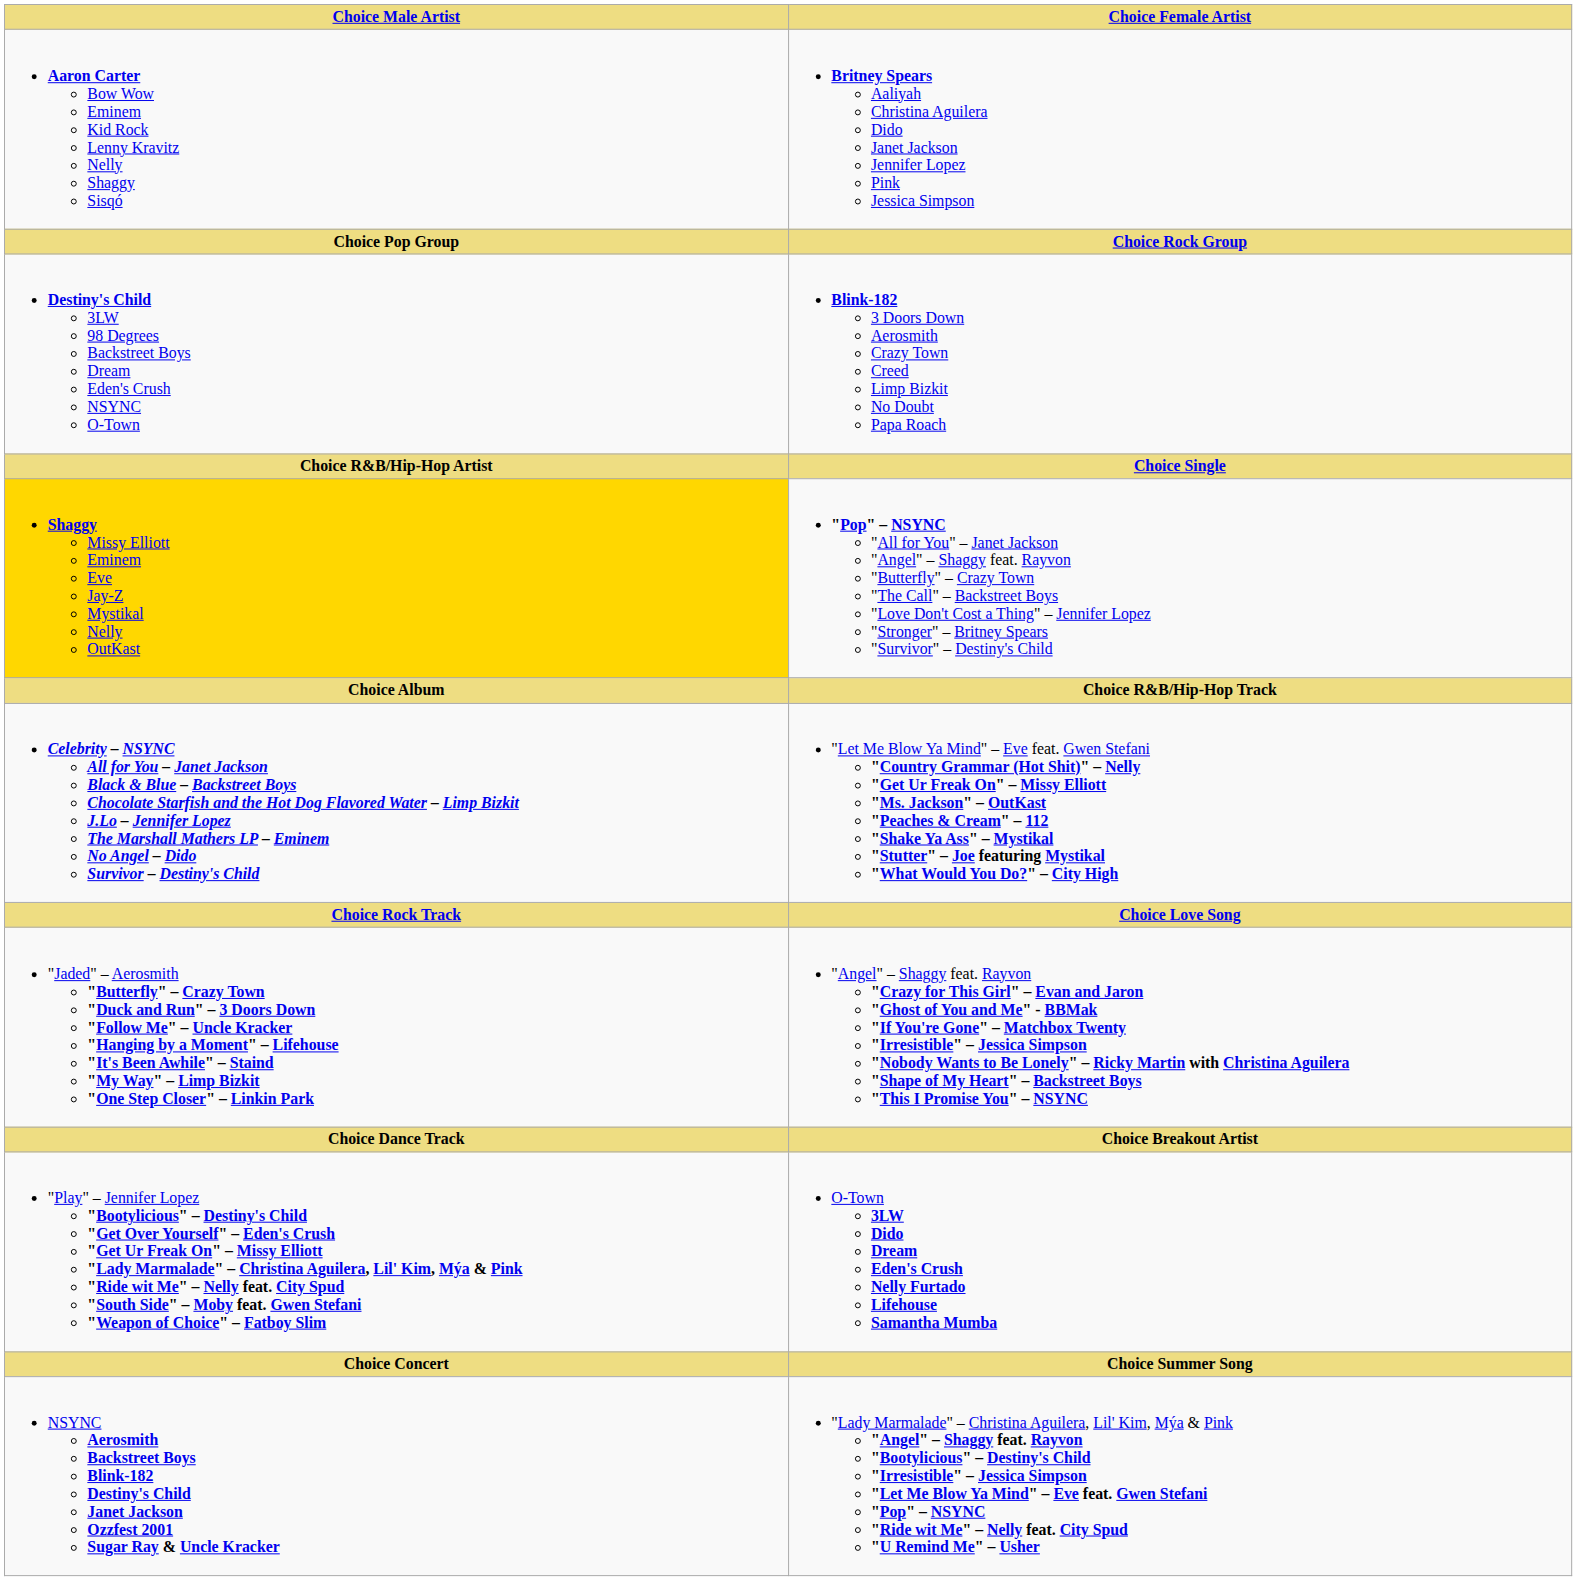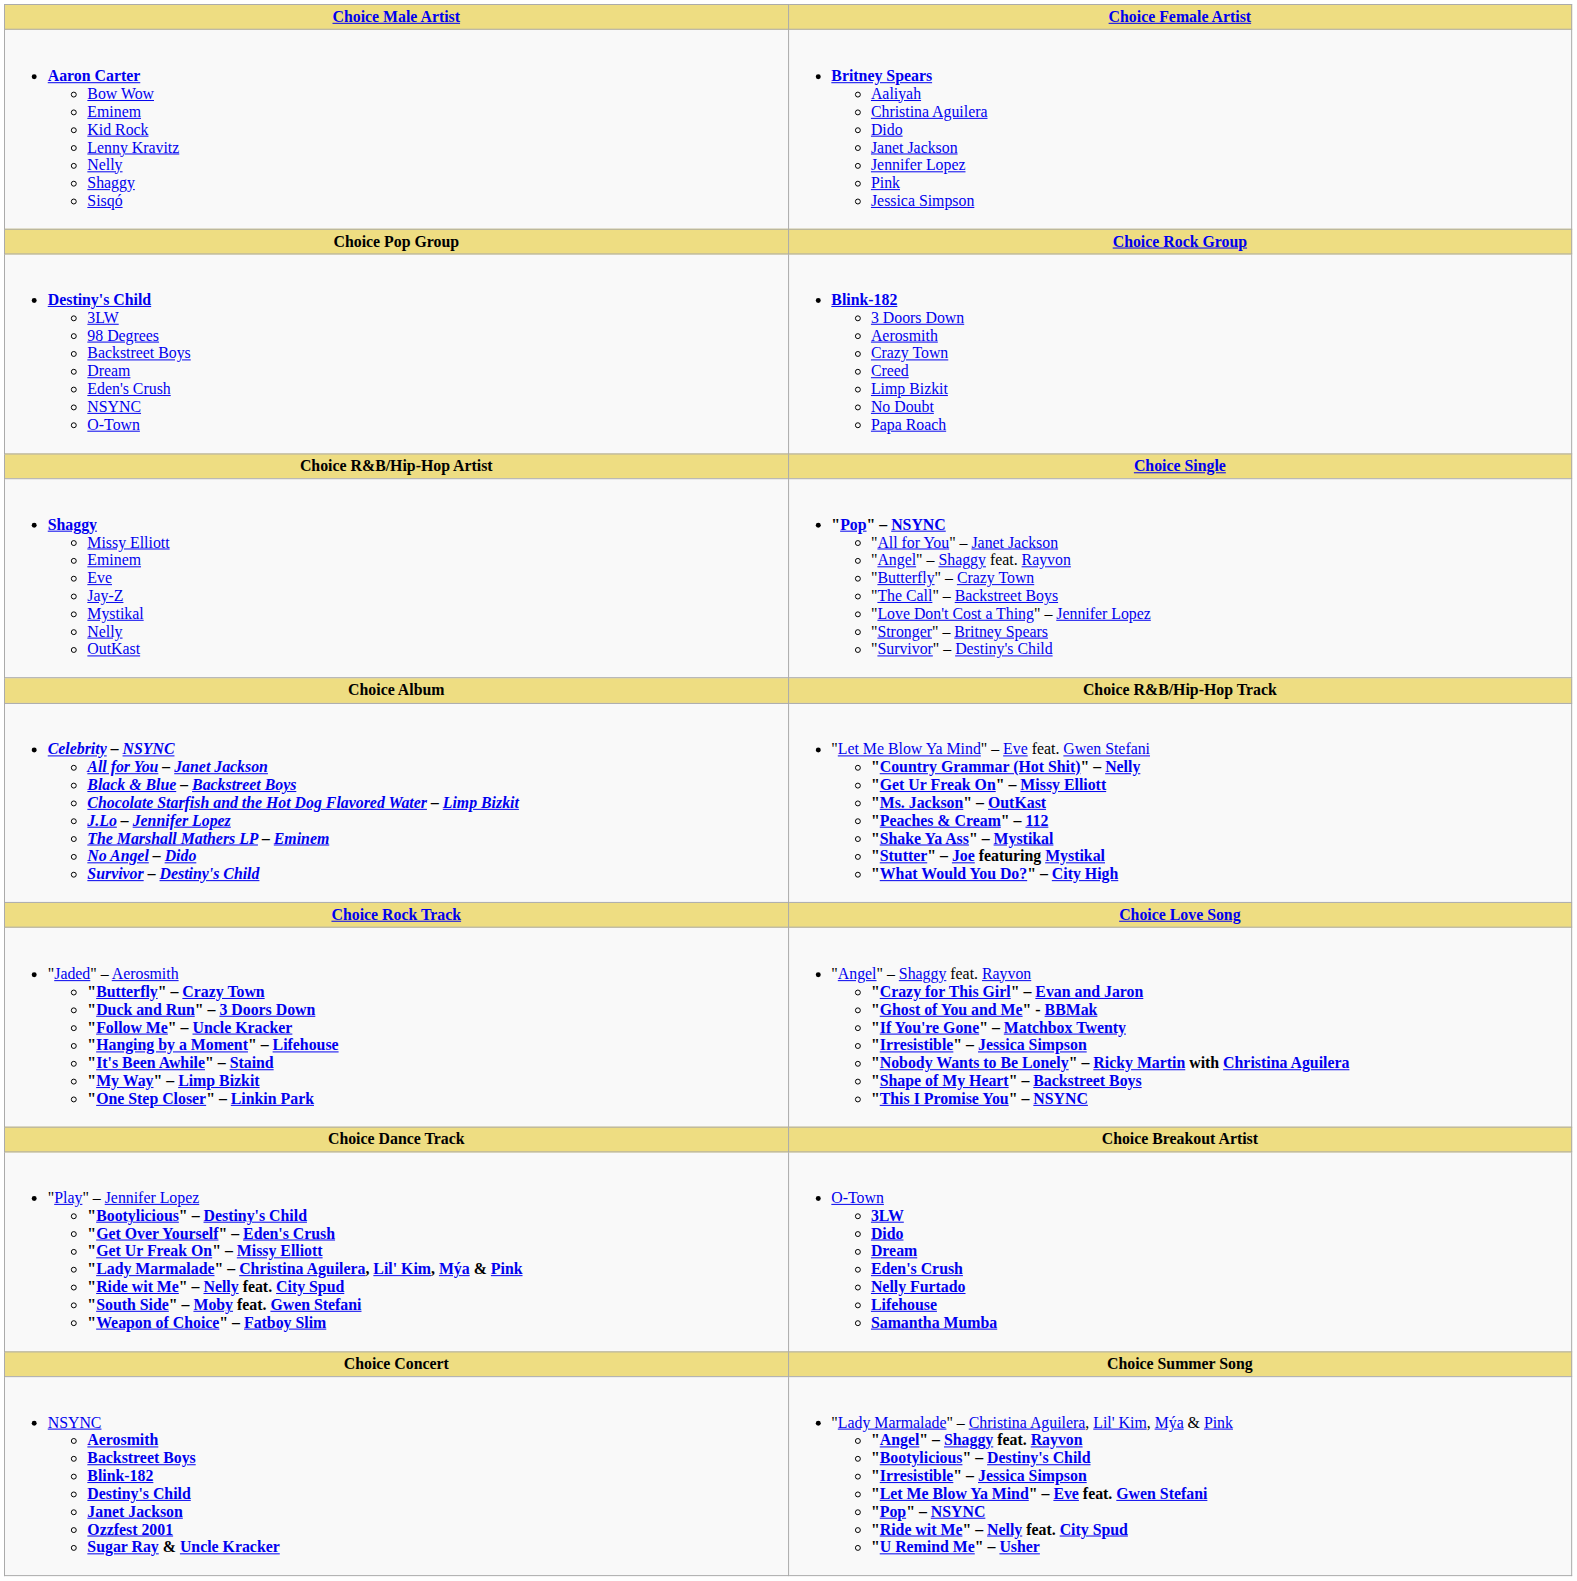 <table class="wikitable" style="width:100%">
 <tr>
 <th style="background:#EEDD82; width:50%"><a href='#'>Choice Male Artist</a></th>
 <th style="background:#EEDD82; width:50%"><a href='#'>Choice Female Artist</a></th>
 </tr>
 <tr>
 <td valign="top"><br><ul><li><strong><a href='#'>Aaron Carter</a></strong><ul><li><a href='#'>Bow Wow</a></li><li><a href='#'>Eminem</a></li><li><a href='#'>Kid Rock</a></li><li><a href='#'>Lenny Kravitz</a></li><li><a href='#'>Nelly</a></li><li><a href='#'>Shaggy</a></li><li><a href='#'>Sisqó</a></li></ul></li></ul></td>
 <td valign="top"><br><ul><li><strong><a href='#'>Britney Spears</a></strong><ul><li><a href='#'>Aaliyah</a></li><li><a href='#'>Christina Aguilera</a></li><li><a href='#'>Dido</a></li><li><a href='#'>Janet Jackson</a></li><li><a href='#'>Jennifer Lopez</a></li><li><a href='#'>Pink</a></li><li><a href='#'>Jessica Simpson</a></li></ul></li></ul></td>
 </tr>
 <tr>
 <th style="background:#EEDD82; width:50%">Choice Pop Group</th>
 <th style="background:#EEDD82; width:50%"><a href='#'>Choice Rock Group</a></th>
 </tr>
 <tr>
 <td valign="top"><br><ul><li><strong><a href='#'>Destiny's Child</a></strong><ul><li><a href='#'>3LW</a></li><li><a href='#'>98 Degrees</a></li><li><a href='#'>Backstreet Boys</a></li><li><a href='#'>Dream</a></li><li><a href='#'>Eden's Crush</a></li><li><a href='#'>NSYNC</a></li><li><a href='#'>O-Town</a></li></ul></li></ul></td>
 <td valign="top"><br><ul><li><strong><a href='#'>Blink-182</a></strong><ul><li><a href='#'>3 Doors Down</a></li><li><a href='#'>Aerosmith</a></li><li><a href='#'>Crazy Town</a></li><li><a href='#'>Creed</a></li><li><a href='#'>Limp Bizkit</a></li><li><a href='#'>No Doubt</a></li><li><a href='#'>Papa Roach</a></li></ul></li></ul></td>
 </tr>
 <tr>
 <th style="background:#EEDD82; width:50%">Choice R&B/Hip-Hop Artist</th>
 <th style="background:#EEDD82; width:50%"><a href='#'>Choice Single</a></th>
 </tr>
 <tr>
-<td valign="top" style="background: gold;"><br><ul><li><strong><a href='#'>Shaggy</a></strong><ul><li><a href='#'>Missy Elliott</a></li><li><a href='#'>Eminem</a></li><li><a href='#'>Eve</a></li><li><a href='#'>Jay-Z</a></li><li><a href='#'>Mystikal</a></li><li><a href='#'>Nelly</a></li><li><a href='#'>OutKast</a></li></ul></li></ul></td>
+<td valign="top"><br><ul><li><strong><a href='#'>Shaggy</a></strong><ul><li><a href='#'>Missy Elliott</a></li><li><a href='#'>Eminem</a></li><li><a href='#'>Eve</a></li><li><a href='#'>Jay-Z</a></li><li><a href='#'>Mystikal</a></li><li><a href='#'>Nelly</a></li><li><a href='#'>OutKast</a></li></ul></li></ul></td>
 <td valign="top"><br><ul><li><strong>"<a href='#'>Pop</a>" – <a href='#'>NSYNC</a></strong><ul><li>"<a href='#'>All for You</a>" – <a href='#'>Janet Jackson</a></li><li>"<a href='#'>Angel</a>" – <a href='#'>Shaggy</a> feat. <a href='#'>Rayvon</a></li><li>"<a href='#'>Butterfly</a>" – <a href='#'>Crazy Town</a></li><li>"<a href='#'>The Call</a>" – <a href='#'>Backstreet Boys</a></li><li>"<a href='#'>Love Don't Cost a Thing</a>" – <a href='#'>Jennifer Lopez</a></li><li>"<a href='#'>Stronger</a>" – <a href='#'>Britney Spears</a></li><li>"<a href='#'>Survivor</a>" – <a href='#'>Destiny's Child</a></li></ul></li></ul></td>
 </tr>
 <tr>
 <th style="background:#EEDD82; width:50%">Choice Album</th>
 <th style="background:#EEDD82; width:50%">Choice R&B/Hip-Hop Track</th>
 </tr>
 <tr>
 <td valign="top"><br><ul><li><strong><em><a href='#'>Celebrity</a><em> – <a href='#'>NSYNC</a><strong><ul><li></em><a href='#'>All for You</a><em> – <a href='#'>Janet Jackson</a></li><li></em><a href='#'>Black & Blue</a><em> – <a href='#'>Backstreet Boys</a></li><li></em><a href='#'>Chocolate Starfish and the Hot Dog Flavored Water</a><em> – <a href='#'>Limp Bizkit</a></li><li></em><a href='#'>J.Lo</a><em> – <a href='#'>Jennifer Lopez</a></li><li></em><a href='#'>The Marshall Mathers LP</a><em> – <a href='#'>Eminem</a></li><li></em><a href='#'>No Angel</a><em> – <a href='#'>Dido</a></li><li></em><a href='#'>Survivor</a><em> – <a href='#'>Destiny's Child</a></li></ul></li></ul></td>
 <td valign="top"><br><ul><li></strong>"<a href='#'>Let Me Blow Ya Mind</a>" – <a href='#'>Eve</a> feat. <a href='#'>Gwen Stefani</a><strong><ul><li>"<a href='#'>Country Grammar (Hot Shit)</a>" – <a href='#'>Nelly</a></li><li>"<a href='#'>Get Ur Freak On</a>" – <a href='#'>Missy Elliott</a></li><li>"<a href='#'>Ms. Jackson</a>" – <a href='#'>OutKast</a></li><li>"<a href='#'>Peaches & Cream</a>" – <a href='#'>112</a></li><li>"<a href='#'>Shake Ya Ass</a>" – <a href='#'>Mystikal</a></li><li>"<a href='#'>Stutter</a>" – <a href='#'>Joe</a> featuring <a href='#'>Mystikal</a></li><li>"<a href='#'>What Would You Do?</a>" – <a href='#'>City High</a></li></ul></li></ul></td>
 </tr>
 <tr>
 <th style="background:#EEDD82; width:50%"><a href='#'>Choice Rock Track</a></th>
 <th style="background:#EEDD82; width:50%"><a href='#'>Choice Love Song</a></th>
 </tr>
 <tr>
 <td valign="top"><br><ul><li></strong>"<a href='#'>Jaded</a>" – <a href='#'>Aerosmith</a><strong><ul><li>"<a href='#'>Butterfly</a>" – <a href='#'>Crazy Town</a></li><li>"<a href='#'>Duck and Run</a>" – <a href='#'>3 Doors Down</a></li><li>"<a href='#'>Follow Me</a>" – <a href='#'>Uncle Kracker</a></li><li>"<a href='#'>Hanging by a Moment</a>" – <a href='#'>Lifehouse</a></li><li>"<a href='#'>It's Been Awhile</a>" – <a href='#'>Staind</a></li><li>"<a href='#'>My Way</a>" – <a href='#'>Limp Bizkit</a></li><li>"<a href='#'>One Step Closer</a>" – <a href='#'>Linkin Park</a></li></ul></li></ul></td>
 <td valign="top"><br><ul><li></strong>"<a href='#'>Angel</a>" – <a href='#'>Shaggy</a> feat. <a href='#'>Rayvon</a><strong><ul><li>"<a href='#'>Crazy for This Girl</a>" – <a href='#'>Evan and Jaron</a></li><li>"<a href='#'>Ghost of You and Me</a>" - <a href='#'>BBMak</a></li><li>"<a href='#'>If You're Gone</a>" – <a href='#'>Matchbox Twenty</a></li><li>"<a href='#'>Irresistible</a>" – <a href='#'>Jessica Simpson</a></li><li>"<a href='#'>Nobody Wants to Be Lonely</a>" – <a href='#'>Ricky Martin</a> with <a href='#'>Christina Aguilera</a></li><li>"<a href='#'>Shape of My Heart</a>" – <a href='#'>Backstreet Boys</a></li><li>"<a href='#'>This I Promise You</a>" – <a href='#'>NSYNC</a></li></ul></li></ul></td>
 </tr>
 <tr>
 <th style="background:#EEDD82; width:50%">Choice Dance Track</th>
 <th style="background:#EEDD82; width:50%">Choice Breakout Artist</th>
 </tr>
 <tr>
 <td valign="top"><br><ul><li></strong>"<a href='#'>Play</a>" – <a href='#'>Jennifer Lopez</a><strong><ul><li>"<a href='#'>Bootylicious</a>" – <a href='#'>Destiny's Child</a></li><li>"<a href='#'>Get Over Yourself</a>" – <a href='#'>Eden's Crush</a></li><li>"<a href='#'>Get Ur Freak On</a>" – <a href='#'>Missy Elliott</a></li><li>"<a href='#'>Lady Marmalade</a>" – <a href='#'>Christina Aguilera</a>, <a href='#'>Lil' Kim</a>, <a href='#'>Mýa</a> & <a href='#'>Pink</a></li><li>"<a href='#'>Ride wit Me</a>" – <a href='#'>Nelly</a> feat. <a href='#'>City Spud</a></li><li>"<a href='#'>South Side</a>" – <a href='#'>Moby</a> feat. <a href='#'>Gwen Stefani</a></li><li>"<a href='#'>Weapon of Choice</a>" – <a href='#'>Fatboy Slim</a></li></ul></li></ul></td>
 <td valign="top"><br><ul><li></strong><a href='#'>O-Town</a><strong><ul><li><a href='#'>3LW</a></li><li><a href='#'>Dido</a></li><li><a href='#'>Dream</a></li><li><a href='#'>Eden's Crush</a></li><li><a href='#'>Nelly Furtado</a></li><li><a href='#'>Lifehouse</a></li><li><a href='#'>Samantha Mumba</a></li></ul></li></ul></td>
 </tr>
 <tr>
 <th style="background:#EEDD82; width:50%">Choice Concert</th>
 <th style="background:#EEDD82; width:50%">Choice Summer Song</th>
 </tr>
 <tr>
 <td valign="top"><br><ul><li></strong><a href='#'>NSYNC</a><strong><ul><li><a href='#'>Aerosmith</a></li><li><a href='#'>Backstreet Boys</a></li><li><a href='#'>Blink-182</a></li><li><a href='#'>Destiny's Child</a></li><li><a href='#'>Janet Jackson</a></li><li><a href='#'>Ozzfest 2001</a></li><li><a href='#'>Sugar Ray</a> & <a href='#'>Uncle Kracker</a></li></ul></li></ul></td>
 <td valign="top"><br><ul><li></strong>"<a href='#'>Lady Marmalade</a>" – <a href='#'>Christina Aguilera</a>, <a href='#'>Lil' Kim</a>, <a href='#'>Mýa</a> & <a href='#'>Pink</a><strong><ul><li>"<a href='#'>Angel</a>" – <a href='#'>Shaggy</a> feat. <a href='#'>Rayvon</a></li><li>"<a href='#'>Bootylicious</a>" – <a href='#'>Destiny's Child</a></li><li>"<a href='#'>Irresistible</a>" – <a href='#'>Jessica Simpson</a></li><li>"<a href='#'>Let Me Blow Ya Mind</a>" – <a href='#'>Eve</a> feat. <a href='#'>Gwen Stefani</a></li><li>"<a href='#'>Pop</a>" – <a href='#'>NSYNC</a></li><li>"<a href='#'>Ride wit Me</a>" – <a href='#'>Nelly</a> feat. <a href='#'>City Spud</a></li><li>"<a href='#'>U Remind Me</a>" – <a href='#'>Usher</a></li></ul></li></ul></td>
 </tr>
 </table>
